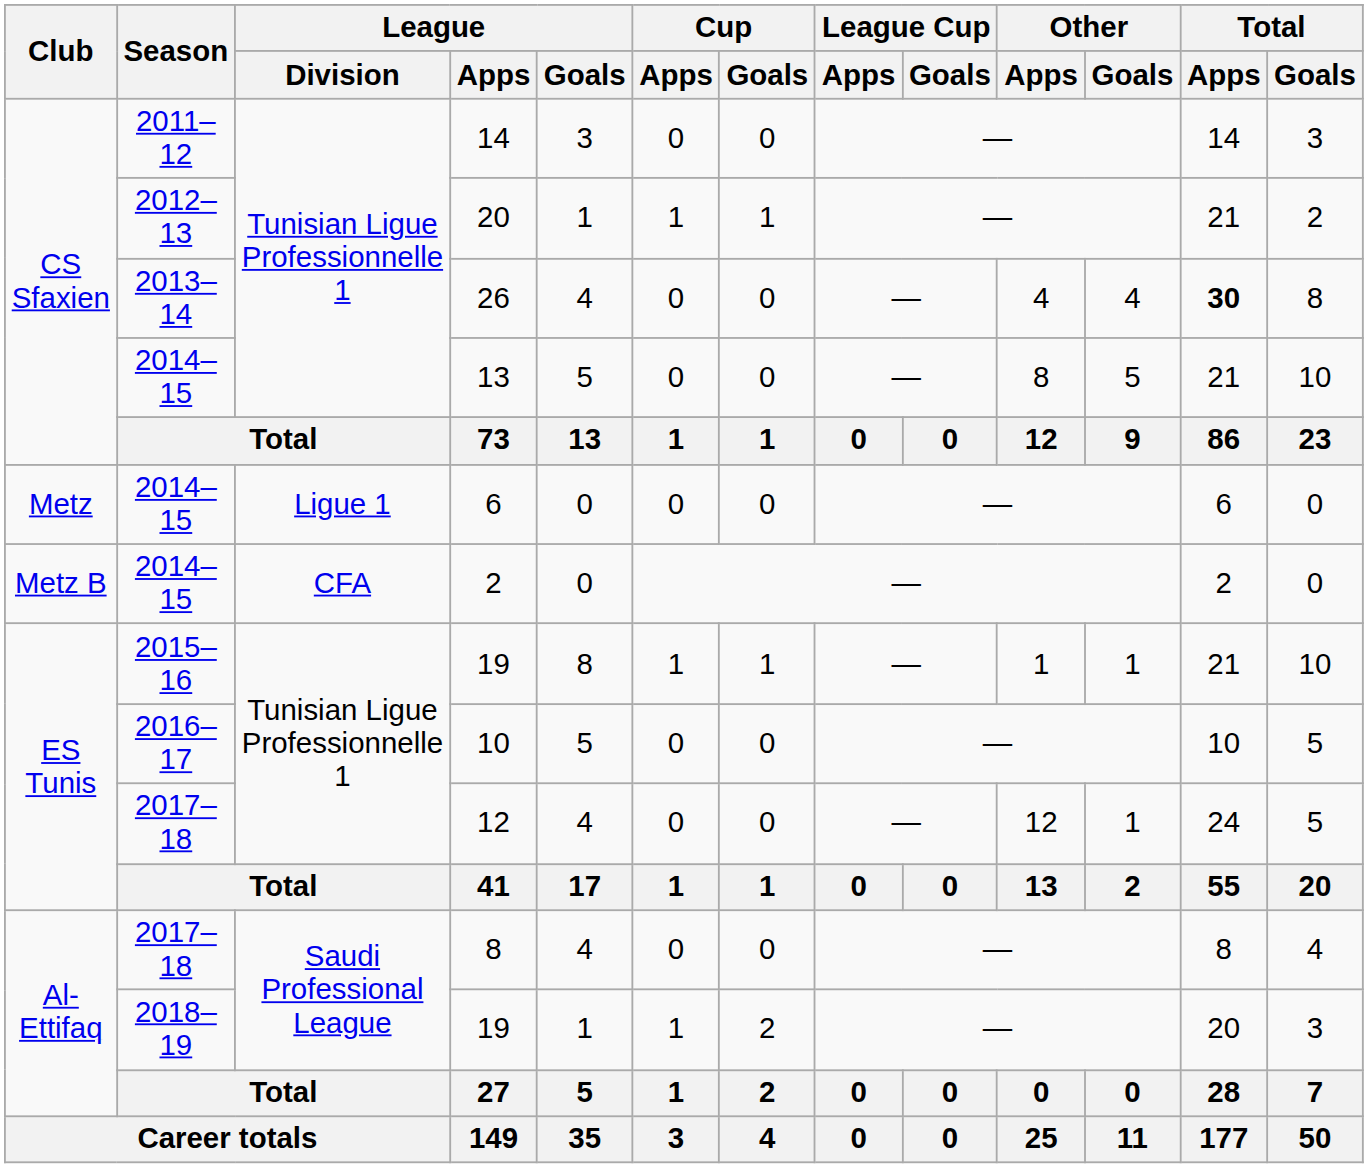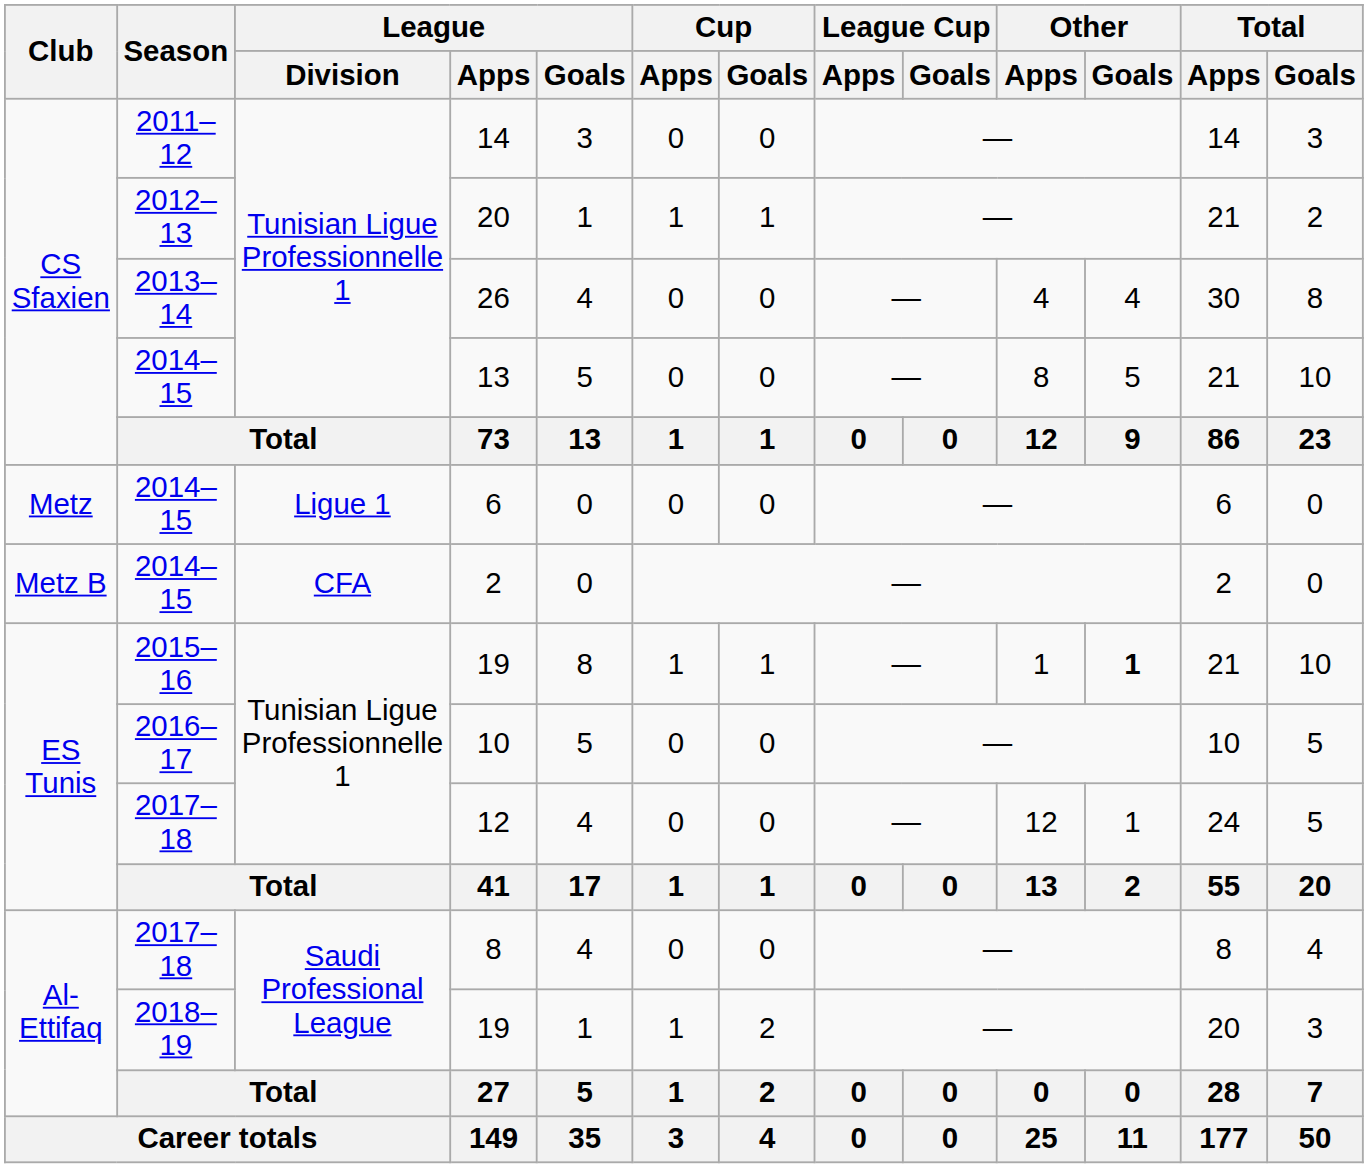 <table class="wikitable" style="text-align: center">
 <tr>
 <th rowspan="2">Club</th>
 <th rowspan="2">Season</th>
 <th colspan="3">League</th>
 <th colspan="2">Cup</th>
 <th colspan="2">League Cup</th>
 <th colspan="2">Other</th>
 <th colspan="2">Total</th>
 </tr>
 <tr>
 <th>Division</th>
 <th>Apps</th>
 <th>Goals</th>
 <th>Apps</th>
 <th>Goals</th>
 <th>Apps</th>
 <th>Goals</th>
 <th>Apps</th>
 <th>Goals</th>
 <th>Apps</th>
 <th>Goals</th>
 </tr>
 <tr>
 <td rowspan="5"><a href='#'>CS Sfaxien</a></td>
 <td><a href='#'>2011–12</a></td>
 <td rowspan="4"><a href='#'>Tunisian Ligue Professionnelle 1</a></td>
 <td>14</td>
 <td>3</td>
 <td>0</td>
 <td>0</td>
 <td colspan="4">—</td>
 <td>14</td>
 <td>3</td>
 </tr>
 <tr>
 <td><a href='#'>2012–13</a></td>
 <td>20</td>
 <td>1</td>
 <td>1</td>
 <td>1</td>
 <td colspan="4">—</td>
 <td>21</td>
 <td>2</td>
 </tr>
 <tr>
 <td><a href='#'>2013–14</a></td>
 <td>26</td>
 <td>4</td>
 <td>0</td>
 <td>0</td>
 <td colspan="2">—</td>
 <td>4</td>
 <td>4</td>
-<td><strong>30</strong></td>
+<td>30</td>
 <td>8</td>
 </tr>
 <tr>
 <td><a href='#'>2014–15</a></td>
 <td>13</td>
 <td>5</td>
 <td>0</td>
 <td>0</td>
 <td colspan="2">—</td>
 <td>8</td>
 <td>5</td>
 <td>21</td>
 <td>10</td>
 </tr>
 <tr>
 <th colspan="2">Total</th>
 <th>73</th>
 <th>13</th>
 <th>1</th>
 <th>1</th>
 <th>0</th>
 <th>0</th>
 <th>12</th>
 <th>9</th>
 <th>86</th>
 <th>23</th>
 </tr>
 <tr>
 <td><a href='#'>Metz</a></td>
 <td><a href='#'>2014–15</a></td>
 <td><a href='#'>Ligue 1</a></td>
 <td>6</td>
 <td>0</td>
 <td>0</td>
 <td>0</td>
 <td colspan="4">—</td>
 <td>6</td>
 <td>0</td>
 </tr>
 <tr>
 <td><a href='#'>Metz B</a></td>
 <td><a href='#'>2014–15</a></td>
 <td><a href='#'>CFA</a></td>
 <td>2</td>
 <td>0</td>
 <td colspan=6>—</td>
 <td>2</td>
 <td>0</td>
 </tr>
 <tr>
 <td rowspan="4"><a href='#'>ES Tunis</a></td>
 <td><a href='#'>2015–16</a></td>
 <td rowspan="3">Tunisian Ligue Professionnelle 1</td>
 <td>19</td>
 <td>8</td>
 <td>1</td>
 <td>1</td>
 <td colspan="2">—</td>
 <td>1</td>
-<td>1</td>
+<td><strong>1</strong></td>
 <td>21</td>
 <td>10</td>
 </tr>
 <tr>
 <td><a href='#'>2016–17</a></td>
 <td>10</td>
 <td>5</td>
 <td>0</td>
 <td>0</td>
 <td colspan="4">—</td>
 <td>10</td>
 <td>5</td>
 </tr>
 <tr>
 <td><a href='#'>2017–18</a></td>
 <td>12</td>
 <td>4</td>
 <td>0</td>
 <td>0</td>
 <td colspan="2">—</td>
 <td>12</td>
 <td>1</td>
 <td>24</td>
 <td>5</td>
 </tr>
 <tr>
 <th colspan="2">Total</th>
 <th>41</th>
 <th>17</th>
 <th>1</th>
 <th>1</th>
 <th>0</th>
 <th>0</th>
 <th>13</th>
 <th>2</th>
 <th>55</th>
 <th>20</th>
 </tr>
 <tr>
 <td rowspan="3"><a href='#'>Al-Ettifaq</a></td>
 <td><a href='#'>2017–18</a></td>
 <td rowspan="2"><a href='#'>Saudi Professional League</a></td>
 <td>8</td>
 <td>4</td>
 <td>0</td>
 <td>0</td>
 <td colspan="4">—</td>
 <td>8</td>
 <td>4</td>
 </tr>
 <tr>
 <td><a href='#'>2018–19</a></td>
 <td>19</td>
 <td>1</td>
 <td>1</td>
 <td>2</td>
 <td colspan="4">—</td>
 <td>20</td>
 <td>3</td>
 </tr>
 <tr>
 <th colspan="2">Total</th>
 <th>27</th>
 <th>5</th>
 <th>1</th>
 <th>2</th>
 <th>0</th>
 <th>0</th>
 <th>0</th>
 <th>0</th>
 <th>28</th>
 <th>7</th>
 </tr>
 <tr>
 <th colspan="3">Career totals</th>
 <th>149</th>
 <th>35</th>
 <th>3</th>
 <th>4</th>
 <th>0</th>
 <th>0</th>
 <th>25</th>
 <th>11</th>
 <th>177</th>
 <th>50</th>
 </tr>
 </table>
